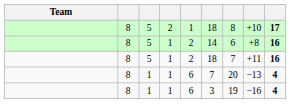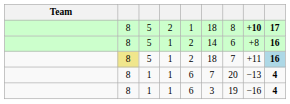 <table class="wikitable" style="text-align: center; font-size: 90%;">
 <tr>
 <th width=165>Team</th>
 <th width=25></th>
 <th width=25></th>
 <th width=25></th>
 <th width=25></th>
 <th width=25></th>
 <th width=25></th>
 <th width=25></th>
 <th width=25></th>
 </tr>
 <tr style="background:#cfc;">
 <td align=left></td>
 <td>8</td>
 <td>5</td>
 <td>2</td>
 <td>1</td>
 <td>18</td>
 <td>8</td>
-<td>+10</td>
+<td><strong>+10</strong></td>
 <td><strong>17</strong></td>
 </tr>
 <tr style="background:#cfc;">
 <td align=left></td>
 <td>8</td>
 <td>5</td>
 <td>1</td>
 <td>2</td>
 <td>14</td>
 <td>6</td>
 <td>+8</td>
 <td><strong>16</strong></td>
 </tr>
 <tr>
 <td align=left></td>
-<td>8</td>
+<td style="background: khaki;">8</td>
 <td>5</td>
 <td>1</td>
 <td>2</td>
 <td>18</td>
 <td>7</td>
 <td>+11</td>
-<td><strong>16</strong></td>
+<td style="background: lightblue;"><strong>16</strong></td>
 </tr>
 <tr>
 <td align=left></td>
 <td>8</td>
 <td>1</td>
 <td>1</td>
 <td>6</td>
 <td>7</td>
 <td>20</td>
 <td>−13</td>
 <td><strong>4</strong></td>
 </tr>
 <tr>
 <td align=left></td>
 <td>8</td>
 <td>1</td>
 <td>1</td>
 <td>6</td>
 <td>3</td>
 <td>19</td>
 <td>−16</td>
 <td><strong>4</strong></td>
 </tr>
 </table>
